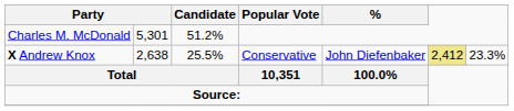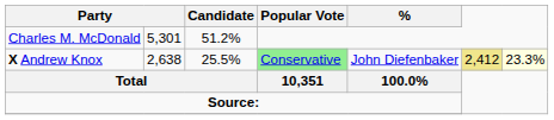 <table class="wikitable">
 <tr>
 <th colspan="2">Party</th>
 <th>Candidate</th>
 <th>Popular Vote</th>
 <th>%</th>
 </tr>
 <tr>
 <td> <a href='#'>Charles M. McDonald</a></td>
 <td align=center>5,301</td>
 <td align=center>51.2%</td>
 </tr>
 <tr>
 <td><strong>X</strong> <a href='#'>Andrew Knox</a></td>
 <td align=center>2,638</td>
 <td align=center>25.5%<br></td>
-<td><a href='#'>Conservative</a></td>
+<td style="background: lightgreen;"><a href='#'>Conservative</a></td>
 <td><a href='#'>John Diefenbaker</a></td>
 <td align=center style="background: khaki;">2,412</td>
-<td align=center>23.3%</td>
+<td align=center style="background: lightyellow;">23.3%</td>
 </tr>
 <tr>
 <th colspan=3>Total</th>
 <th>10,351</th>
 <th>100.0%</th>
 </tr>
 <tr>
 <td align="center" colspan=5><strong>Source:</strong> </td>
 </tr>
 <tr>
 </tr>
 </table>
